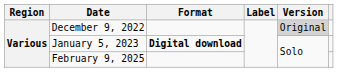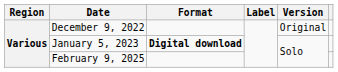 <table class="wikitable plainrowheaders">
 <tr>
 <th scope="col">Region</th>
 <th scope="col">Date</th>
 <th scope="col">Format</th>
 <th scope="col">Label</th>
 <th>Version</th>
 <th scope="col"></th>
 </tr>
 <tr>
 <th rowspan="3" scope="row">Various</th>
 <td>December 9, 2022</td>
 <td></td>
 <td rowspan="3"></td>
-<td style="background: lightgrey;">Original</td>
+<td>Original</td>
 <td style="text-align:center"></td>
 </tr>
 <tr>
 <td>January 5, 2023</td>
 <td><strong>Digital download</strong></td>
 <td rowspan="2">Solo</td>
 <td style="text-align:center"></td>
 </tr>
 <tr>
 <td>February 9, 2025</td>
 <td></td>
 <td style="text-align:center"></td>
 </tr>
 </table>
